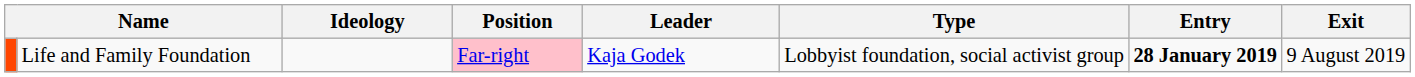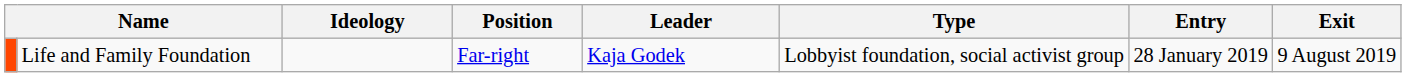 <table class="wikitable" style="font-size:95%;">
 <tr>
 <th style="width:200px" colspan="2">Name</th>
 <th style="width:120px">Ideology</th>
 <th style="width:90px">Position</th>
 <th style="width:140px">Leader</th>
 <th>Type</th>
 <th>Entry</th>
 <th>Exit</th>
 </tr>
 <tr>
 <td style="width:2px;background:#FF4500;"></td>
 <td>Life and Family Foundation</td>
 <td></td>
-<td style="background: pink;"><a href='#'>Far-right</a></td>
+<td><a href='#'>Far-right</a></td>
 <td><a href='#'>Kaja Godek</a></td>
 <td>Lobbyist foundation, social activist group</td>
-<td><strong>28 January 2019</strong></td>
+<td>28 January 2019</td>
 <td>9 August 2019</td>
 </tr>
 </table>
